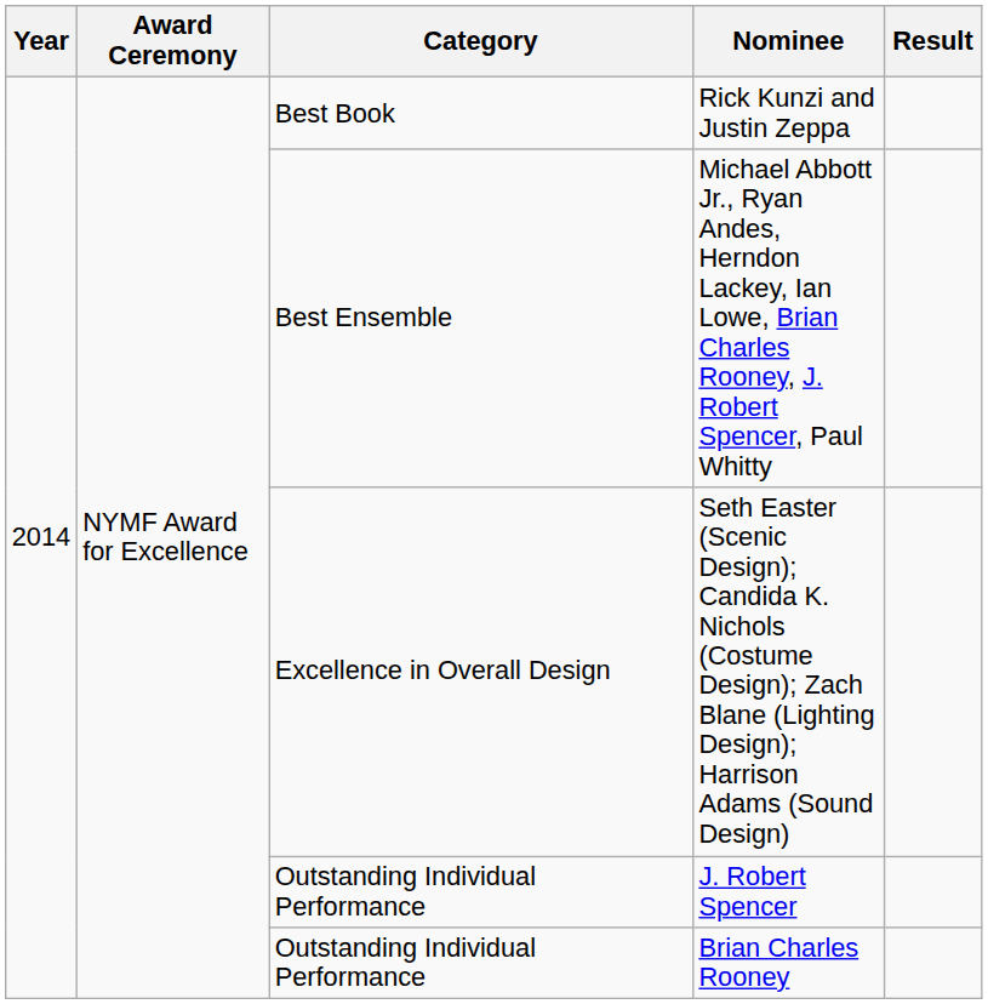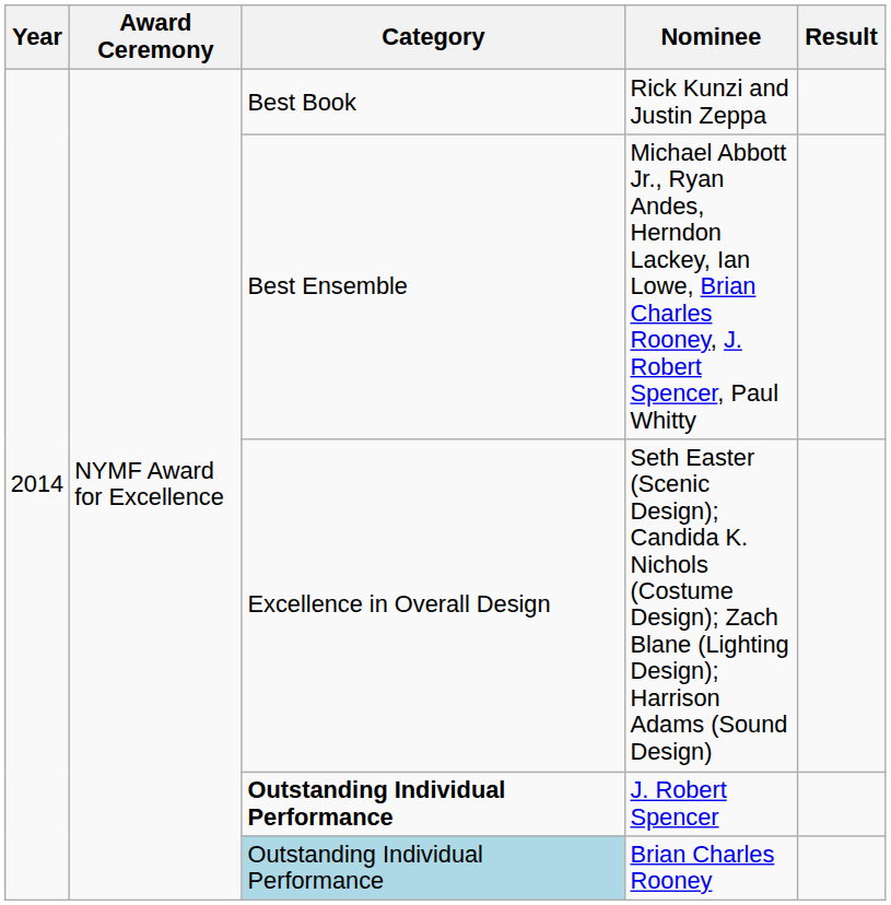 <table class="wikitable" width="95%">
 <tr>
 <th width="5%">Year</th>
 <th width="20%">Award Ceremony</th>
 <th width="45%">Category</th>
 <th width="20%">Nominee</th>
 <th width="10%">Result</th>
 </tr>
 <tr>
 <td rowspan="5" align="center">2014</td>
 <td rowspan="5">NYMF Award for Excellence</td>
 <td>Best Book</td>
 <td>Rick Kunzi and Justin Zeppa</td>
 <td></td>
 </tr>
 <tr>
 <td>Best Ensemble</td>
 <td>Michael Abbott Jr., Ryan Andes, Herndon Lackey, Ian Lowe, <a href='#'>Brian Charles Rooney</a>, <a href='#'>J. Robert Spencer</a>, Paul Whitty</td>
 <td></td>
 </tr>
 <tr>
 <td>Excellence in Overall Design</td>
 <td>Seth Easter (Scenic Design); Candida K. Nichols (Costume Design); Zach Blane (Lighting Design); Harrison Adams (Sound Design)</td>
 <td></td>
 </tr>
 <tr>
-<td>Outstanding Individual Performance</td>
+<td><strong>Outstanding Individual Performance</strong></td>
 <td><a href='#'>J. Robert Spencer</a></td>
 <td></td>
 </tr>
 <tr>
-<td>Outstanding Individual Performance</td>
+<td style="background: lightblue;">Outstanding Individual Performance</td>
 <td><a href='#'>Brian Charles Rooney</a></td>
 <td></td>
 </tr>
 </table>
